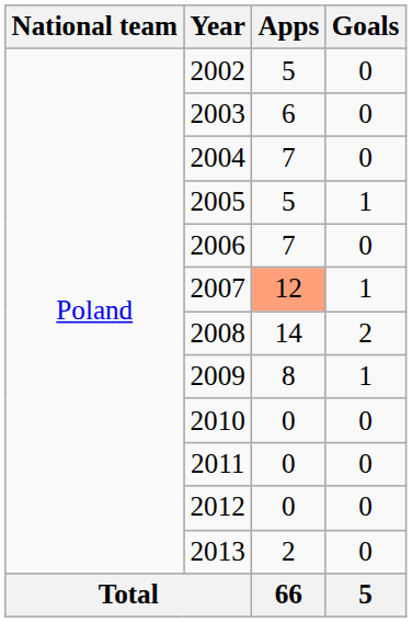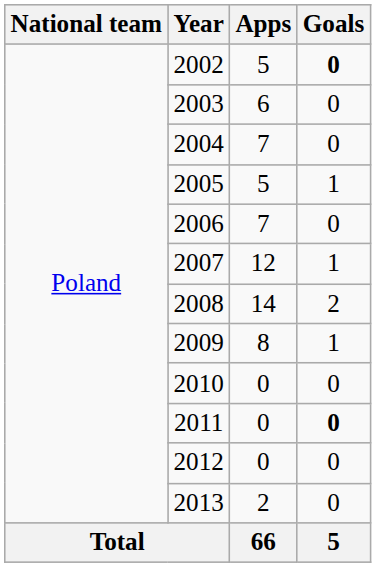 <table class="wikitable" style="text-align:center">
 <tr>
 <th>National team</th>
 <th>Year</th>
 <th>Apps</th>
 <th>Goals</th>
 </tr>
 <tr>
 <td rowspan="12"><a href='#'>Poland</a></td>
 <td>2002</td>
 <td>5</td>
-<td>0</td>
+<td><strong>0</strong></td>
 </tr>
 <tr>
 <td>2003</td>
 <td>6</td>
 <td>0</td>
 </tr>
 <tr>
 <td>2004</td>
 <td>7</td>
 <td>0</td>
 </tr>
 <tr>
 <td>2005</td>
 <td>5</td>
 <td>1</td>
 </tr>
 <tr>
 <td>2006</td>
 <td>7</td>
 <td>0</td>
 </tr>
 <tr>
 <td>2007</td>
-<td style="background: lightsalmon;">12</td>
+<td>12</td>
 <td>1</td>
 </tr>
 <tr>
 <td>2008</td>
 <td>14</td>
 <td>2</td>
 </tr>
 <tr>
 <td>2009</td>
 <td>8</td>
 <td>1</td>
 </tr>
 <tr>
 <td>2010</td>
 <td>0</td>
 <td>0</td>
 </tr>
 <tr>
 <td>2011</td>
 <td>0</td>
-<td>0</td>
+<td><strong>0</strong></td>
 </tr>
 <tr>
 <td>2012</td>
 <td>0</td>
 <td>0</td>
 </tr>
 <tr>
 <td>2013</td>
 <td>2</td>
 <td>0</td>
 </tr>
 <tr>
 <th colspan="2">Total</th>
 <th>66</th>
 <th>5</th>
 </tr>
 </table>
